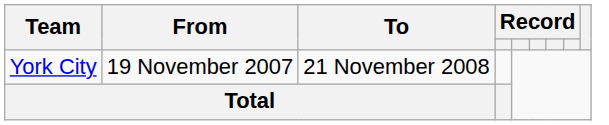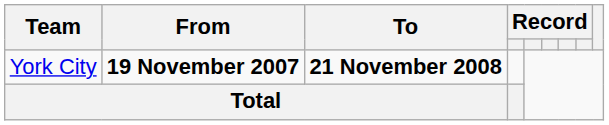 <table class=wikitable style="text-align: center">
 <tr>
 <th rowspan=2>Team</th>
 <th rowspan=2>From</th>
 <th rowspan=2>To</th>
 <th colspan=5>Record</th>
 <th rowspan=2></th>
 </tr>
 <tr>
 <th></th>
 <th></th>
 <th></th>
 <th></th>
 <th></th>
 </tr>
 <tr>
 <td align=left><a href='#'>York City</a></td>
-<td align=left>19 November 2007</td>
-<td align=left>21 November 2008<br></td>
+<td align=left><strong>19 November 2007</strong></td>
+<td align=left><strong>21 November 2008<br></strong></td>
 <td></td>
 </tr>
 <tr>
 <th colspan=3>Total<br></th>
 <th></th>
 </tr>
 </table>
